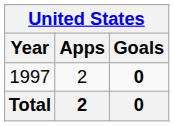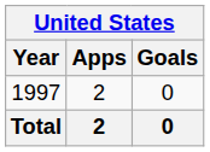 <table class="wikitable" style="text-align:center">
 <tr>
 <th colspan=3><a href='#'>United States</a></th>
 </tr>
 <tr>
 <th>Year</th>
 <th>Apps</th>
 <th>Goals</th>
 </tr>
 <tr>
 <td>1997</td>
 <td>2</td>
-<td><strong>0</strong></td>
+<td>0</td>
 </tr>
 <tr>
 <th>Total</th>
 <th>2</th>
 <th>0</th>
 </tr>
 </table>
